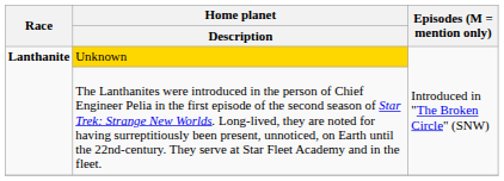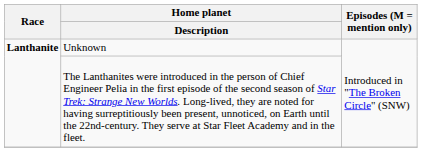 <table class="wikitable">
 <tr>
 <th rowspan="2">Race</th>
 <th>Home planet</th>
 <th rowspan="2">Episodes (M = mention only)</th>
 </tr>
 <tr>
 <th>Description</th>
 </tr>
 <tr>
 <td rowspan="2" style="vertical-align: top;"><strong>Lanthanite</strong></td>
-<td style="background: gold;">Unknown</td>
+<td>Unknown</td>
 <td rowspan="2">Introduced in "<a href='#'>The Broken Circle</a>" (SNW)</td>
 </tr>
 <tr>
 <td><br>The Lanthanites were introduced in the person of Chief Engineer Pelia in the first episode of the second season of <em><a href='#'>Star Trek: Strange New Worlds</a>.</em> Long-lived, they are noted for having surreptitiously been present, unnoticed, on Earth until the 22nd-century. They serve at Star Fleet Academy and in the fleet.</td>
 </tr>
 <tr>
 </tr>
 </table>
